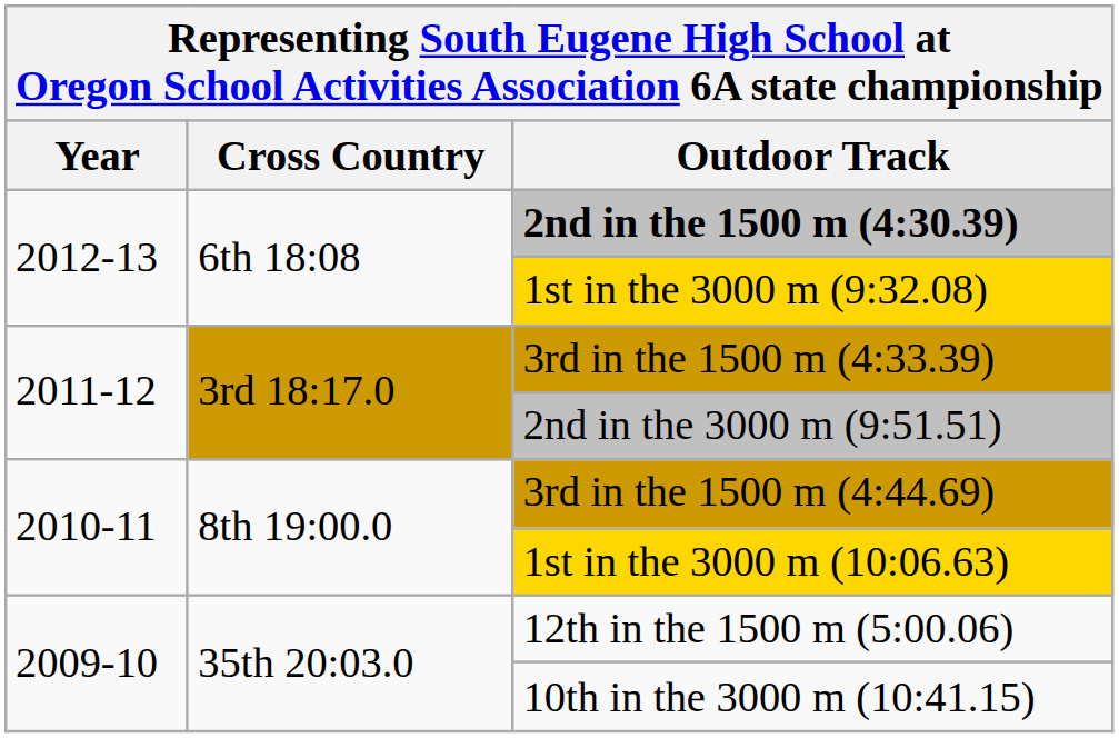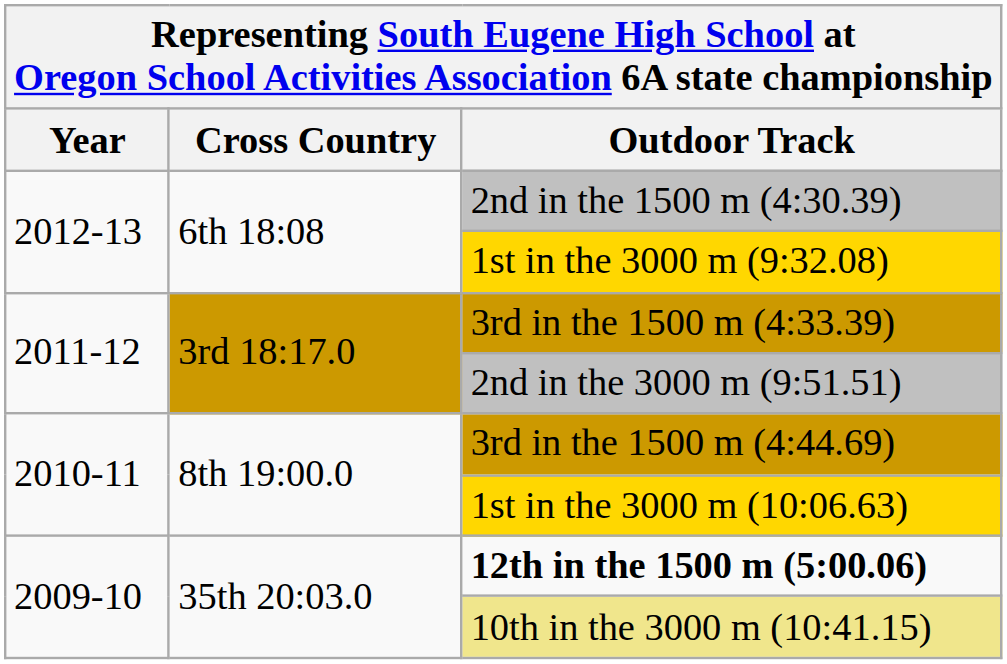 <table class="wikitable sortable">
 <tr>
 <th colspan="7">Representing <a href='#'>South Eugene High School</a> at<br><a href='#'>Oregon School Activities Association</a> 6A state championship</th>
 </tr>
 <tr>
 <th>Year</th>
 <th>Cross Country</th>
 <th>Outdoor Track</th>
 </tr>
 <tr>
 <td Rowspan=2>2012-13</td>
 <td Rowspan=2>6th 18:08</td>
-<td bgcolor=silver><strong>2nd in the 1500 m (4:30.39)</strong></td>
+<td bgcolor=silver>2nd in the 1500 m (4:30.39)</td>
 </tr>
 <tr>
 <td bgcolor=gold>1st in the 3000 m (9:32.08)</td>
 </tr>
 <tr>
 <td Rowspan=2>2011-12</td>
 <td bgcolor=cc9900 Rowspan=2>3rd 18:17.0</td>
 <td bgcolor=cc9900>3rd in the 1500 m (4:33.39)</td>
 </tr>
 <tr>
 <td bgcolor=silver>2nd in the 3000 m (9:51.51)</td>
 </tr>
 <tr>
 <td Rowspan=2>2010-11</td>
 <td Rowspan=2>8th 19:00.0</td>
 <td bgcolor=cc9900>3rd in the 1500 m (4:44.69)</td>
 </tr>
 <tr>
 <td bgcolor=gold>1st in the 3000 m (10:06.63)</td>
 </tr>
 <tr>
 <td Rowspan=2>2009-10</td>
 <td Rowspan=2>35th 20:03.0</td>
-<td>12th in the 1500 m (5:00.06)</td>
+<td><strong>12th in the 1500 m (5:00.06)</strong></td>
 </tr>
 <tr>
-<td>10th in the 3000 m (10:41.15)</td>
+<td style="background: khaki;">10th in the 3000 m (10:41.15)</td>
 </tr>
 </table>
